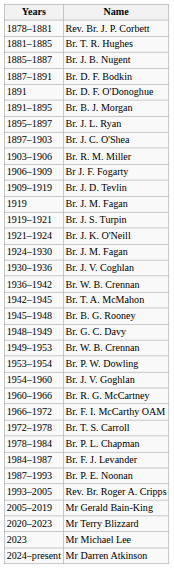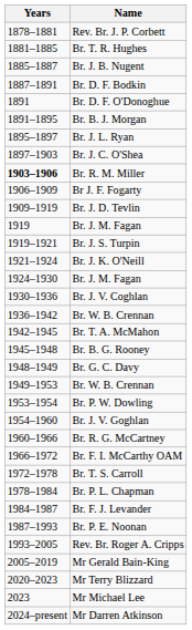 <table class="wikitable">
 <tr>
 <th>Years</th>
 <th>Name</th>
 </tr>
 <tr>
 <td>1878–1881</td>
 <td>Rev. Br. J. P. Corbett</td>
 </tr>
 <tr>
 <td>1881–1885</td>
 <td>Br. T. R. Hughes</td>
 </tr>
 <tr>
 <td>1885–1887</td>
 <td>Br. J. B. Nugent</td>
 </tr>
 <tr>
 <td>1887–1891</td>
 <td>Br. D. F. Bodkin</td>
 </tr>
 <tr>
 <td>1891</td>
 <td>Br. D. F. O'Donoghue</td>
 </tr>
 <tr>
 <td>1891–1895</td>
 <td>Br. B. J. Morgan</td>
 </tr>
 <tr>
 <td>1895–1897</td>
 <td>Br. J. L. Ryan</td>
 </tr>
 <tr>
 <td>1897–1903</td>
 <td>Br. J. C. O'Shea</td>
 </tr>
 <tr>
-<td>1903–1906</td>
+<td><strong>1903–1906</strong></td>
 <td>Br. R. M. Miller</td>
 </tr>
 <tr>
 <td>1906–1909</td>
 <td>Br J. F. Fogarty</td>
 </tr>
 <tr>
 <td>1909–1919</td>
 <td>Br. J. D. Tevlin</td>
 </tr>
 <tr>
 <td>1919</td>
 <td>Br. J. M. Fagan</td>
 </tr>
 <tr>
 <td>1919–1921</td>
 <td>Br. J. S. Turpin</td>
 </tr>
 <tr>
 <td>1921–1924</td>
 <td>Br. J. K. O'Neill</td>
 </tr>
 <tr>
 <td>1924–1930</td>
 <td>Br. J. M. Fagan</td>
 </tr>
 <tr>
 <td>1930–1936</td>
 <td>Br. J. V. Coghlan</td>
 </tr>
 <tr>
 <td>1936–1942</td>
 <td>Br. W. B. Crennan</td>
 </tr>
 <tr>
 <td>1942–1945</td>
 <td>Br. T. A. McMahon</td>
 </tr>
 <tr>
 <td>1945–1948</td>
 <td>Br. B. G. Rooney</td>
 </tr>
 <tr>
 <td>1948–1949</td>
 <td>Br. G. C. Davy</td>
 </tr>
 <tr>
 <td>1949–1953</td>
 <td>Br. W. B. Crennan</td>
 </tr>
 <tr>
 <td>1953–1954</td>
 <td>Br. P. W. Dowling</td>
 </tr>
 <tr>
 <td>1954–1960</td>
 <td>Br. J. V. Goghlan</td>
 </tr>
 <tr>
 <td>1960–1966</td>
 <td>Br. R. G. McCartney</td>
 </tr>
 <tr>
 <td>1966–1972</td>
 <td>Br. F. I. McCarthy OAM</td>
 </tr>
 <tr>
 <td>1972–1978</td>
 <td>Br. T. S. Carroll</td>
 </tr>
 <tr>
 <td>1978–1984</td>
 <td>Br. P. L. Chapman</td>
 </tr>
 <tr>
 <td>1984–1987</td>
 <td>Br. F. J. Levander</td>
 </tr>
 <tr>
 <td>1987–1993</td>
 <td>Br. P. E. Noonan</td>
 </tr>
 <tr>
 <td>1993–2005</td>
 <td>Rev. Br. Roger A. Cripps</td>
 </tr>
 <tr>
 <td>2005–2019</td>
 <td>Mr Gerald Bain-King</td>
 </tr>
 <tr>
 <td>2020–2023</td>
 <td>Mr Terry Blizzard</td>
 </tr>
 <tr>
 <td>2023</td>
 <td>Mr Michael Lee </td>
 </tr>
 <tr>
 <td>2024–present</td>
 <td>Mr Darren Atkinson</td>
 </tr>
 </table>
